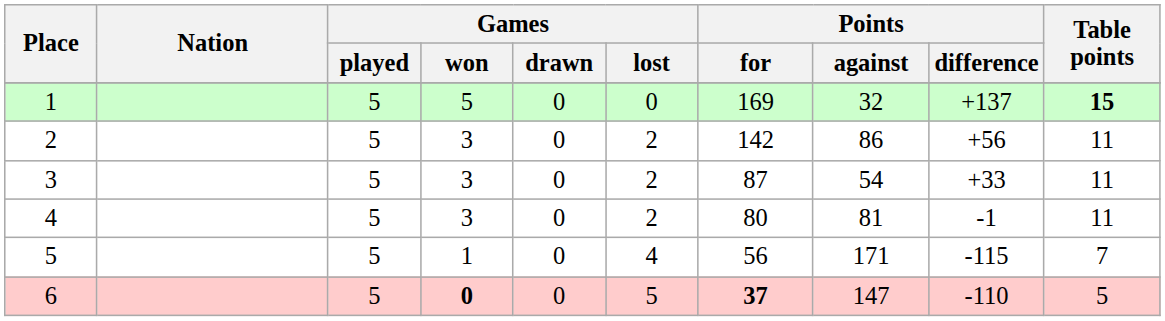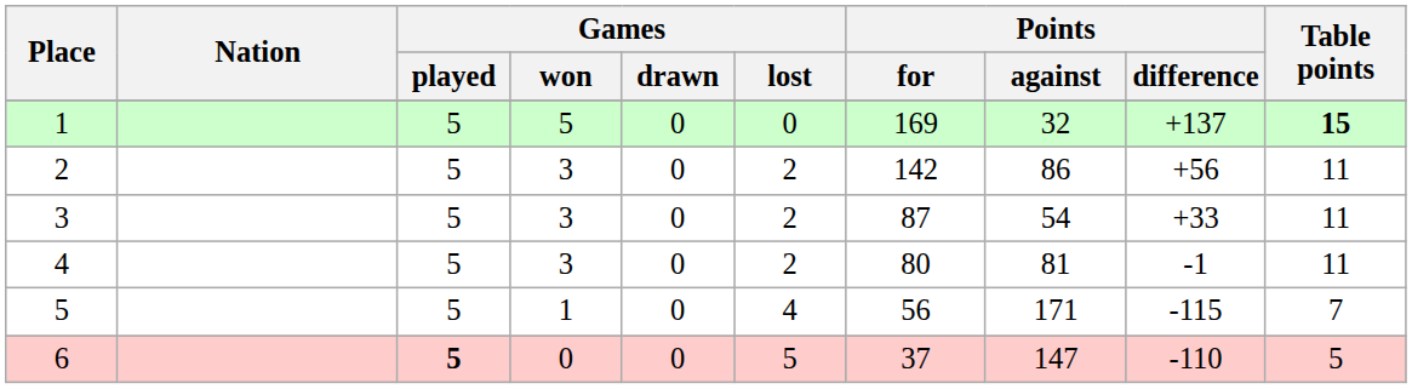 <table class="wikitable">
 <tr>
 <th rowspan=2 width="8%">Place</th>
 <th rowspan=2 width="20%">Nation</th>
 <th colspan=4 width="32%">Games</th>
 <th colspan=3 width="30%">Points</th>
 <th rowspan=2 width="10%">Table<br>points</th>
 </tr>
 <tr>
 <th width="8%">played</th>
 <th width="8%">won</th>
 <th width="8%">drawn</th>
 <th width="8%">lost</th>
 <th width="10%">for</th>
 <th width="10%">against</th>
 <th width="10%">difference</th>
 </tr>
 <tr>
 </tr>
 <tr bgcolor=#ccffcc align=center>
 <td>1</td>
 <td align=left><strong></strong></td>
 <td>5</td>
 <td>5</td>
 <td>0</td>
 <td>0</td>
 <td>169</td>
 <td>32</td>
 <td>+137</td>
 <td><strong>15</strong></td>
 </tr>
 <tr bgcolor=#ffffff align=center>
 <td>2</td>
 <td align=left></td>
 <td>5</td>
 <td>3</td>
 <td>0</td>
 <td>2</td>
 <td>142</td>
 <td>86</td>
 <td>+56</td>
 <td>11</td>
 </tr>
 <tr bgcolor=#ffffff align=center>
 <td>3</td>
 <td align=left></td>
 <td>5</td>
 <td>3</td>
 <td>0</td>
 <td>2</td>
 <td>87</td>
 <td>54</td>
 <td>+33</td>
 <td>11</td>
 </tr>
 <tr bgcolor=#ffffff align=center>
 <td>4</td>
 <td align=left></td>
 <td>5</td>
 <td>3</td>
 <td>0</td>
 <td>2</td>
 <td>80</td>
 <td>81</td>
 <td>-1</td>
 <td>11</td>
 </tr>
 <tr bgcolor=#ffffff align=center>
 <td>5</td>
 <td align=left></td>
 <td>5</td>
 <td>1</td>
 <td>0</td>
 <td>4</td>
 <td>56</td>
 <td>171</td>
 <td>-115</td>
 <td>7</td>
 </tr>
 <tr bgcolor=#ffcccc align=center>
 <td>6</td>
 <td align=left><em></em></td>
-<td>5</td>
-<td><strong>0</strong></td>
+<td><strong>5</strong></td>
+<td>0</td>
 <td>0</td>
 <td>5</td>
-<td><strong>37</strong></td>
+<td>37</td>
 <td>147</td>
 <td>-110</td>
 <td>5</td>
 </tr>
 </table>
